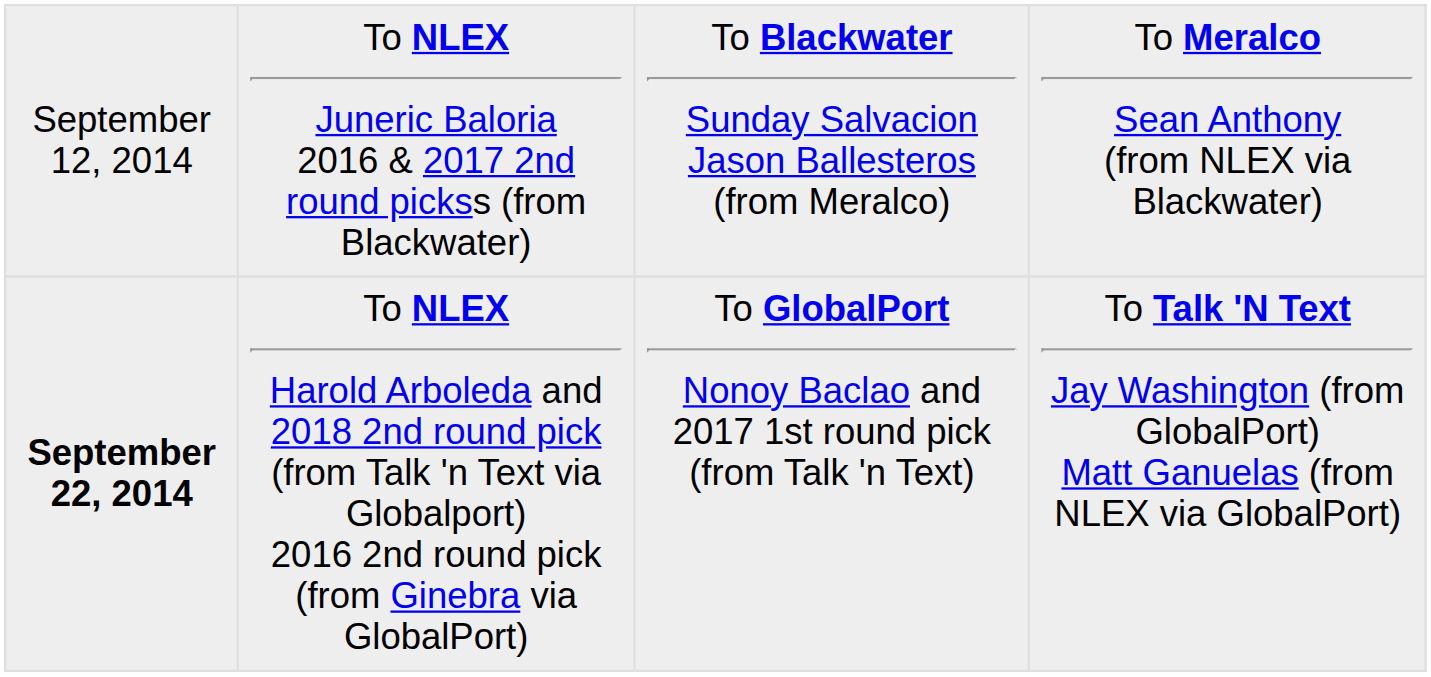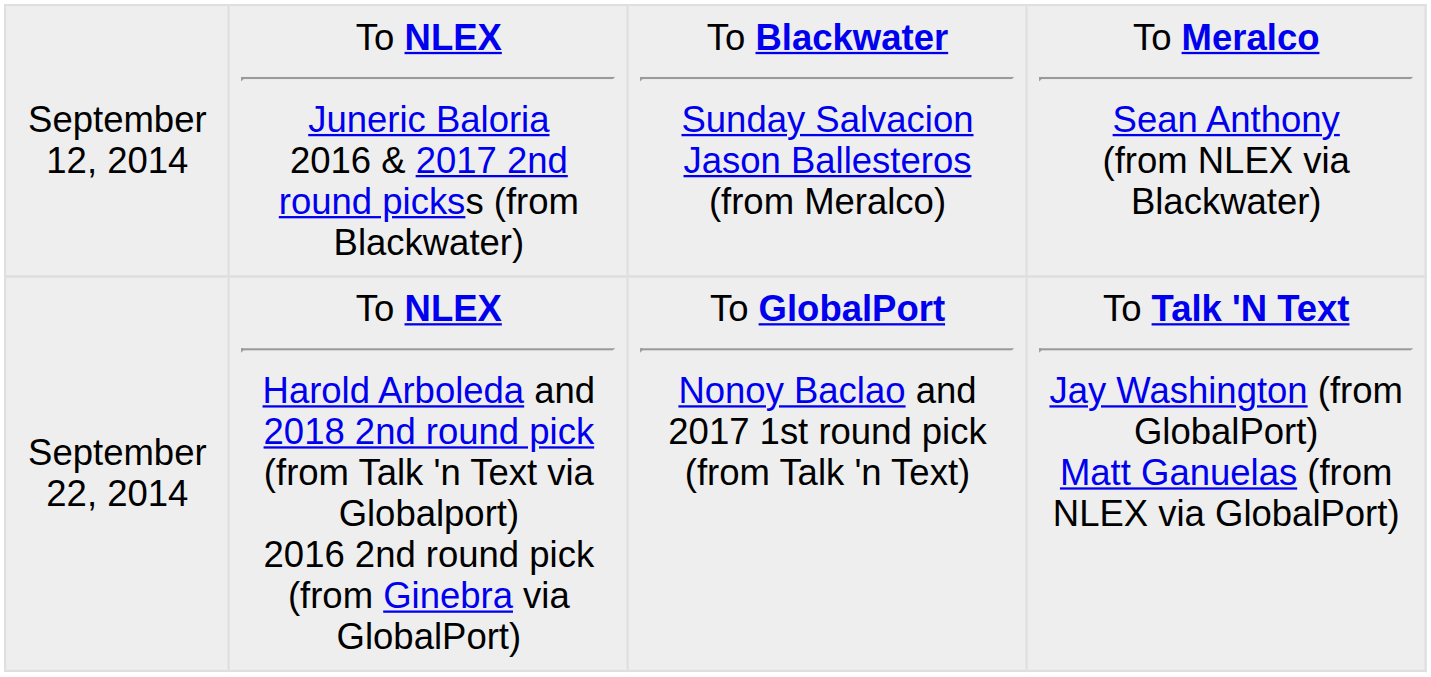 <table border=1 style="border-collapse:collapse; text-align: center; width: 100%" bordercolor="#DFDFDF"  cellpadding="5">
 <tr bgcolor="eeeeee">
 <td style="width:12%">September 12, 2014</td>
 <td style="width:25%" valign="top">To <strong><a href='#'>NLEX</a></strong><hr><a href='#'>Juneric Baloria</a><br>2016 & <a href='#'>2017 2nd round picks</a>s (from Blackwater)</td>
 <td style="width:25%" valign="top">To <strong><a href='#'>Blackwater</a></strong><hr><a href='#'>Sunday Salvacion</a><br><a href='#'>Jason Ballesteros</a><br>(from Meralco)</td>
 <td style="width:25%" valign="top">To <strong><a href='#'>Meralco</a></strong><hr><a href='#'>Sean Anthony</a><br>(from NLEX via Blackwater)</td>
 </tr>
 <tr>
 </tr>
 <tr bgcolor="eeeeee">
-<td style="width:12%"><strong>September 22, 2014</strong></td>
+<td style="width:12%">September 22, 2014</td>
 <td style="width:25%" valign="top">To <strong><a href='#'>NLEX</a></strong><hr><a href='#'>Harold Arboleda</a> and <a href='#'>2018 2nd round pick</a><br>(from Talk 'n Text via Globalport)<br>2016 2nd round pick<br>(from <a href='#'>Ginebra</a> via GlobalPort)</td>
 <td style="width:25%" valign="top">To <strong><a href='#'>GlobalPort</a></strong><hr><a href='#'>Nonoy Baclao</a> and <br>2017 1st round pick (from Talk 'n Text)</td>
 <td style="width:25%" valign="top">To <strong><a href='#'>Talk 'N Text</a></strong><hr><a href='#'>Jay Washington</a> (from GlobalPort)<br><a href='#'>Matt Ganuelas</a> (from NLEX via GlobalPort)</td>
 </tr>
 </table>
